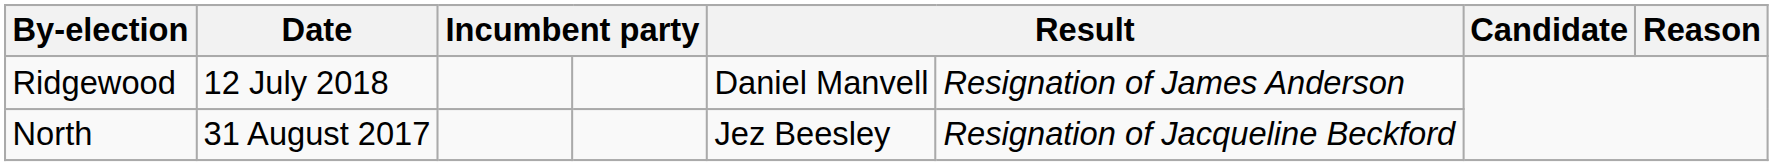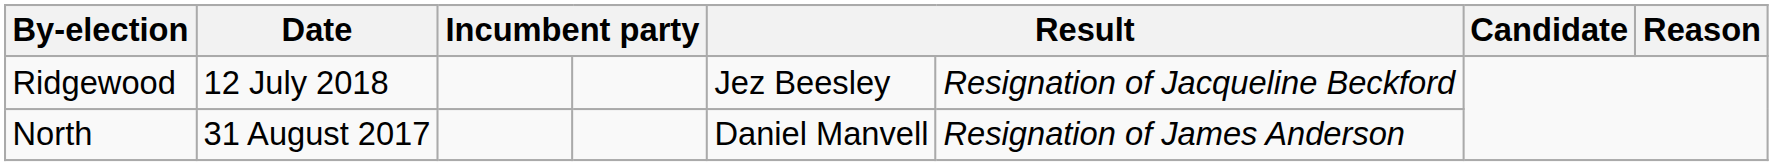 <table class="wikitable">
 <tr>
 <th>By-election</th>
 <th>Date</th>
 <th colspan=2>Incumbent party</th>
 <th colspan=2>Result</th>
 <th>Candidate</th>
 <th>Reason</th>
 </tr>
 <tr>
 <td>Ridgewood</td>
 <td>12 July 2018</td>
 <td></td>
 <td></td>
-<td>Daniel Manvell</td>
-<td><em>Resignation of James Anderson </em></td>
+<td>Jez Beesley</td>
+<td><em>Resignation of Jacqueline Beckford </em></td>
 </tr>
 <tr>
 <td>North</td>
 <td>31 August 2017</td>
 <td></td>
 <td></td>
-<td>Jez Beesley</td>
-<td><em>Resignation of Jacqueline Beckford </em></td>
+<td>Daniel Manvell</td>
+<td><em>Resignation of James Anderson </em></td>
 </tr>
 </table>
